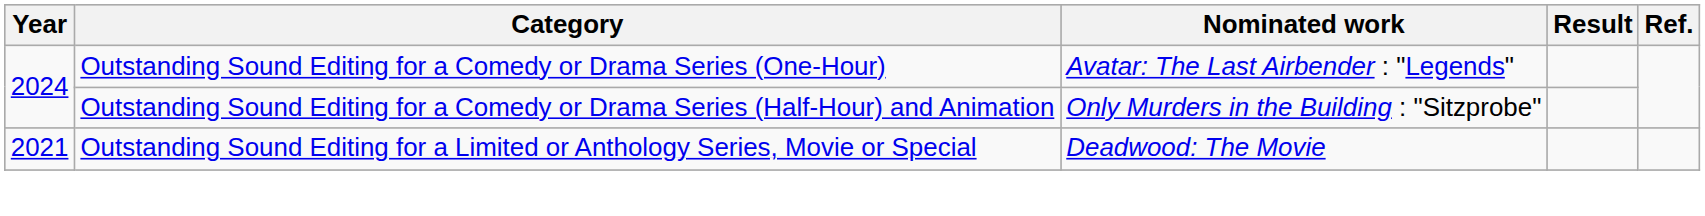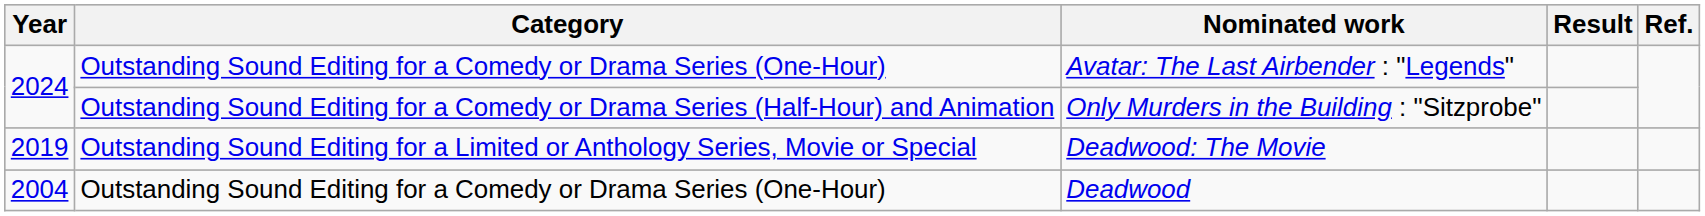 <table class="wikitable">
 <tr>
 <th>Year</th>
 <th>Category</th>
 <th>Nominated work</th>
 <th>Result</th>
 <th>Ref.</th>
 </tr>
 <tr>
 <td rowspan="2"><a href='#'>2024</a></td>
 <td><a href='#'>Outstanding Sound Editing for a Comedy or Drama Series (One-Hour)</a></td>
 <td><em><a href='#'>Avatar: The Last Airbender</a></em> : "<a href='#'>Legends</a>"</td>
 <td></td>
 <td rowspan="2"></td>
 </tr>
 <tr>
 <td><a href='#'>Outstanding Sound Editing for a Comedy or Drama Series (Half-Hour) and Animation</a></td>
 <td><em><a href='#'>Only Murders in the Building</a></em> : "Sitzprobe"</td>
 <td></td>
 </tr>
 <tr>
-<td><a href='#'>2021</a></td>
+<td><a href='#'>2019</a></td>
 <td><a href='#'>Outstanding Sound Editing for a Limited or Anthology Series, Movie or Special</a></td>
 <td><em><a href='#'>Deadwood: The Movie</a></em></td>
 <td></td>
 <td></td>
 </tr>
+<tr>
+<td><a href='#'>2004</a></td>
+<td>Outstanding Sound Editing for a Comedy or Drama Series (One-Hour)</td>
+<td><em><a href='#'>Deadwood</a></em></td>
+<td></td>
+<td></td>
+</tr>
 </table>
